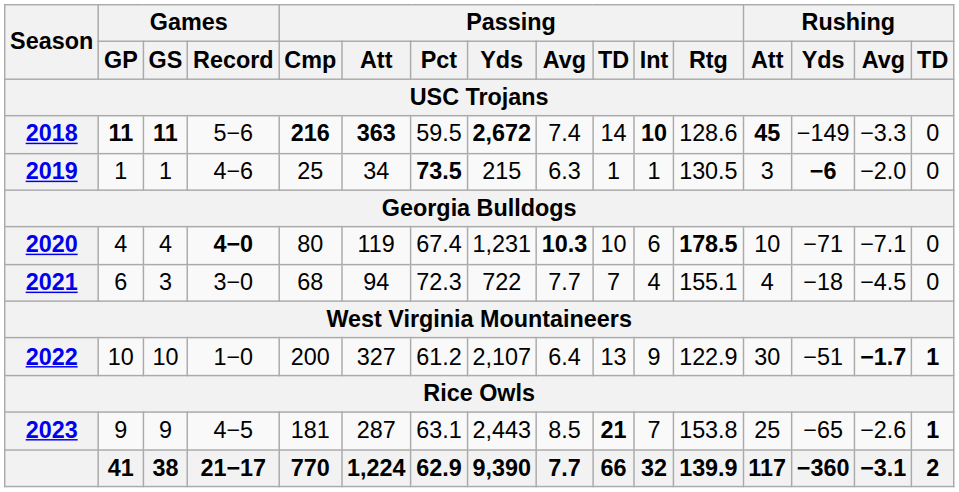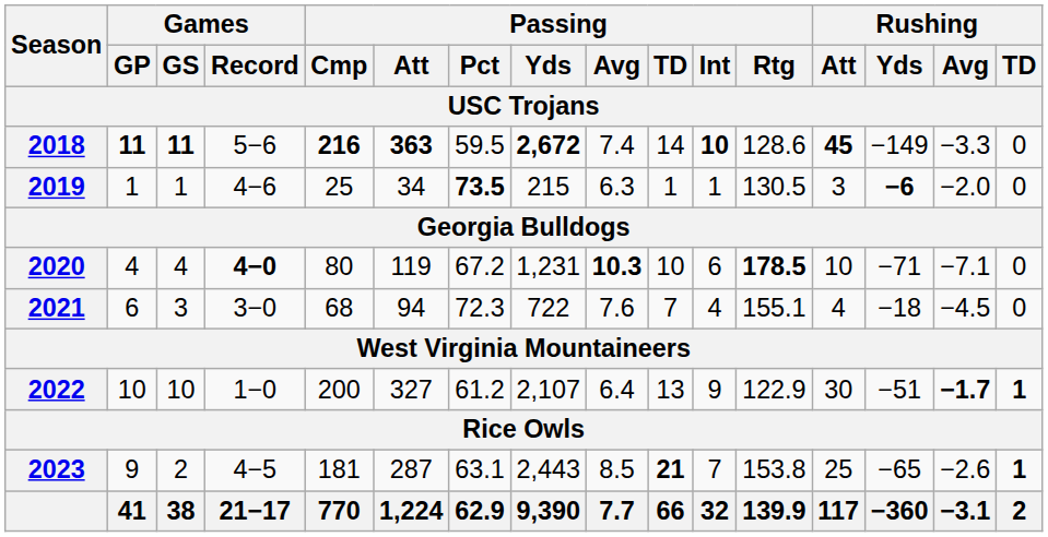 <table class="wikitable" style="text-align:center;">
 <tr>
 <th rowspan="2">Season</th>
 <th colspan="3">Games</th>
 <th colspan="8">Passing</th>
 <th colspan="5">Rushing</th>
 </tr>
 <tr>
 <th>GP</th>
 <th>GS</th>
 <th>Record</th>
 <th>Cmp</th>
 <th>Att</th>
 <th>Pct</th>
 <th>Yds</th>
 <th>Avg</th>
 <th>TD</th>
 <th>Int</th>
 <th>Rtg</th>
 <th>Att</th>
 <th>Yds</th>
 <th>Avg</th>
 <th>TD</th>
 </tr>
 <tr>
 <th colspan="16">USC Trojans</th>
 </tr>
 <tr>
 <th><a href='#'>2018</a></th>
 <td><strong>11</strong></td>
 <td><strong>11</strong></td>
 <td>5−6</td>
 <td><strong>216</strong></td>
 <td><strong>363</strong></td>
 <td>59.5</td>
 <td><strong>2,672</strong></td>
 <td>7.4</td>
 <td>14</td>
 <td><strong>10</strong></td>
 <td>128.6</td>
 <td><strong>45</strong></td>
 <td>−149</td>
 <td>−3.3</td>
 <td>0</td>
 </tr>
 <tr>
 <th><a href='#'>2019</a></th>
 <td>1</td>
 <td>1</td>
 <td>4−6</td>
 <td>25</td>
 <td>34</td>
 <td><strong>73.5</strong></td>
 <td>215</td>
 <td>6.3</td>
 <td>1</td>
 <td>1</td>
 <td>130.5</td>
 <td>3</td>
 <td><strong>−6</strong></td>
 <td>−2.0</td>
 <td>0</td>
 </tr>
 <tr>
 <th colspan="16">Georgia Bulldogs</th>
 </tr>
 <tr>
 <th><a href='#'>2020</a></th>
 <td>4</td>
 <td>4</td>
 <td><strong>4−0</strong></td>
 <td>80</td>
 <td>119</td>
-<td>67.4</td>
+<td>67.2</td>
 <td>1,231</td>
 <td><strong>10.3</strong></td>
 <td>10</td>
 <td>6</td>
 <td><strong>178.5</strong></td>
 <td>10</td>
 <td>−71</td>
 <td>−7.1</td>
 <td>0</td>
 </tr>
 <tr>
 <th><a href='#'>2021</a></th>
 <td>6</td>
 <td>3</td>
 <td>3−0</td>
 <td>68</td>
 <td>94</td>
 <td>72.3</td>
 <td>722</td>
-<td>7.7</td>
+<td>7.6</td>
 <td>7</td>
 <td>4</td>
 <td>155.1</td>
 <td>4</td>
 <td>−18</td>
 <td>−4.5</td>
 <td>0</td>
 </tr>
 <tr>
 <th colspan="16">West Virginia Mountaineers</th>
 </tr>
 <tr>
 <th><a href='#'>2022</a></th>
 <td>10</td>
 <td>10</td>
 <td>1−0</td>
 <td>200</td>
 <td>327</td>
 <td>61.2</td>
 <td>2,107</td>
 <td>6.4</td>
 <td>13</td>
 <td>9</td>
 <td>122.9</td>
 <td>30</td>
 <td>−51</td>
 <td><strong>−1.7</strong></td>
 <td><strong>1</strong></td>
 </tr>
 <tr>
 <th colspan="16">Rice Owls</th>
 </tr>
 <tr>
 <th><a href='#'>2023</a></th>
 <td>9</td>
-<td>9</td>
+<td>2</td>
 <td>4−5</td>
 <td>181</td>
 <td>287</td>
 <td>63.1</td>
 <td>2,443</td>
 <td>8.5</td>
 <td><strong>21</strong></td>
 <td>7</td>
 <td>153.8</td>
 <td>25</td>
 <td>−65</td>
 <td>−2.6</td>
 <td><strong>1</strong></td>
 </tr>
 <tr>
 <th></th>
 <th>41</th>
 <th>38</th>
 <th>21−17</th>
 <th>770</th>
 <th>1,224</th>
 <th>62.9</th>
 <th>9,390</th>
 <th>7.7</th>
 <th>66</th>
 <th>32</th>
 <th>139.9</th>
 <th>117</th>
 <th>−360</th>
 <th>−3.1</th>
 <th>2</th>
 </tr>
 </table>
